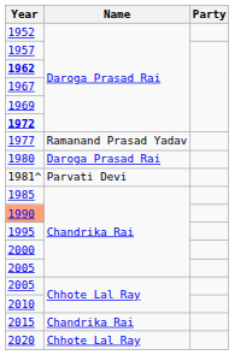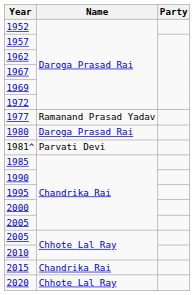 <table class="wikitable sortable">
 <tr>
 <th>Year</th>
 <th>Name</th>
 <th colspan="2">Party</th>
 </tr>
 <tr>
 <td><a href='#'>1952</a></td>
 <td rowspan="6"><a href='#'>Daroga Prasad Rai</a></td>
 <td></td>
 </tr>
 <tr>
 <td><a href='#'>1957</a></td>
 </tr>
 <tr>
-<td><strong><a href='#'>1962</a></strong></td>
+<td><a href='#'>1962</a></td>
 </tr>
 <tr>
 <td><a href='#'>1967</a></td>
 </tr>
 <tr>
 <td><a href='#'>1969</a></td>
 </tr>
 <tr>
-<td><strong><a href='#'>1972</a></strong></td>
+<td><a href='#'>1972</a></td>
 </tr>
 <tr>
 <td><a href='#'>1977</a></td>
 <td>Ramanand Prasad Yadav</td>
 <td></td>
 </tr>
 <tr>
 <td><a href='#'>1980</a></td>
 <td><a href='#'>Daroga Prasad Rai</a></td>
 <td></td>
 </tr>
 <tr>
 <td>1981^</td>
 <td>Parvati Devi</td>
 </tr>
 <tr>
 <td><a href='#'>1985</a></td>
 <td rowspan="5"><a href='#'>Chandrika Rai</a></td>
 <td></td>
 </tr>
 <tr>
-<td style="background: lightsalmon;"><a href='#'>1990</a></td>
+<td><a href='#'>1990</a></td>
 <td></td>
 </tr>
 <tr>
 <td><a href='#'>1995</a></td>
 <td></td>
 </tr>
 <tr>
 <td><a href='#'>2000</a></td>
 <td></td>
 </tr>
 <tr>
 <td><a href='#'>2005</a></td>
 </tr>
 <tr>
 <td><a href='#'>2005</a></td>
 <td rowspan="2"><a href='#'>Chhote Lal Ray</a></td>
 <td></td>
 </tr>
 <tr>
 <td><a href='#'>2010</a></td>
 </tr>
 <tr>
 <td><a href='#'>2015</a></td>
 <td><a href='#'>Chandrika Rai</a></td>
 <td></td>
 </tr>
 <tr>
 <td><a href='#'>2020</a></td>
 <td><a href='#'>Chhote Lal Ray</a></td>
 </tr>
 </table>
